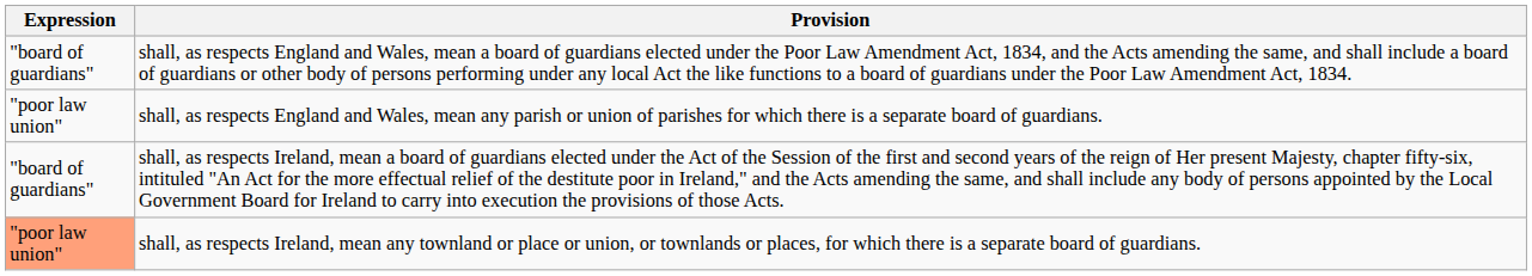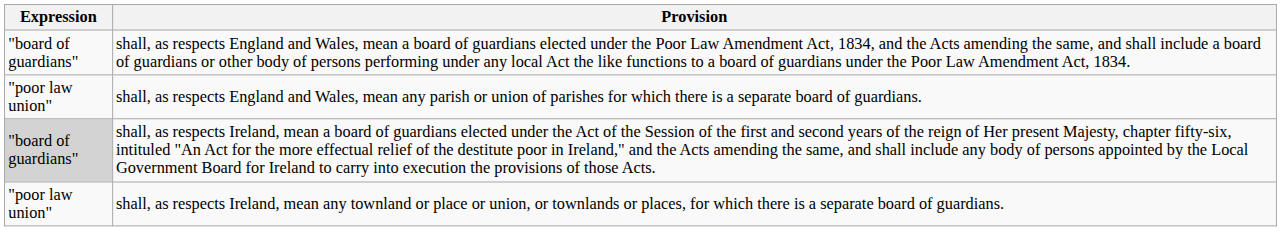 <table class="wikitable">
 <tr>
 <th>Expression</th>
 <th>Provision</th>
 </tr>
 <tr>
 <td>"board of guardians"</td>
 <td>shall, as respects England and Wales, mean a board of guardians elected under the Poor Law Amendment Act, 1834, and the Acts amending the same, and shall include a board of guardians or other body of persons performing under any local Act the like functions to a board of guardians under the Poor Law Amendment Act, 1834.</td>
 </tr>
 <tr>
 <td>"poor law union"</td>
 <td>shall, as respects England and Wales, mean any parish or union of parishes for which there is a separate board of guardians.</td>
 </tr>
 <tr>
-<td>"board of guardians"</td>
+<td style="background: lightgrey;">"board of guardians"</td>
 <td>shall, as respects Ireland, mean a board of guardians elected under the Act of the Session of the first and second years of the reign of Her present Majesty, chapter fifty-six, intituled "An Act for the more effectual relief of the destitute poor in Ireland," and the Acts amending the same, and shall include any body of persons appointed by the Local Government Board for Ireland to carry into execution the provisions of those Acts.</td>
 </tr>
 <tr>
-<td style="background: lightsalmon;">"poor law union"</td>
+<td>"poor law union"</td>
 <td>shall, as respects Ireland, mean any townland or place or union, or townlands or places, for which there is a separate board of guardians.</td>
 </tr>
 </table>
